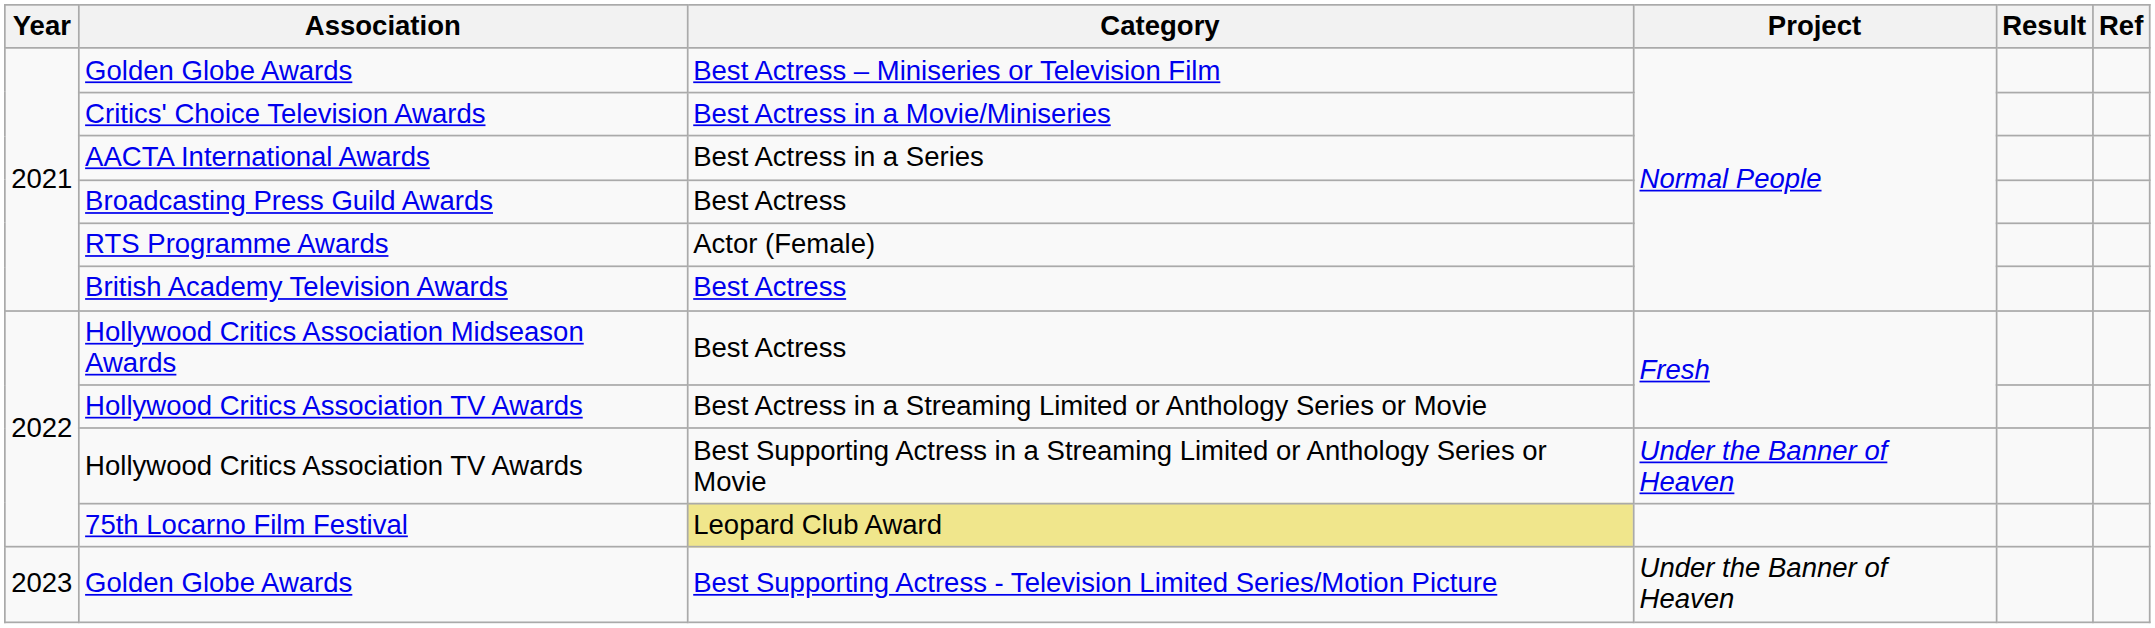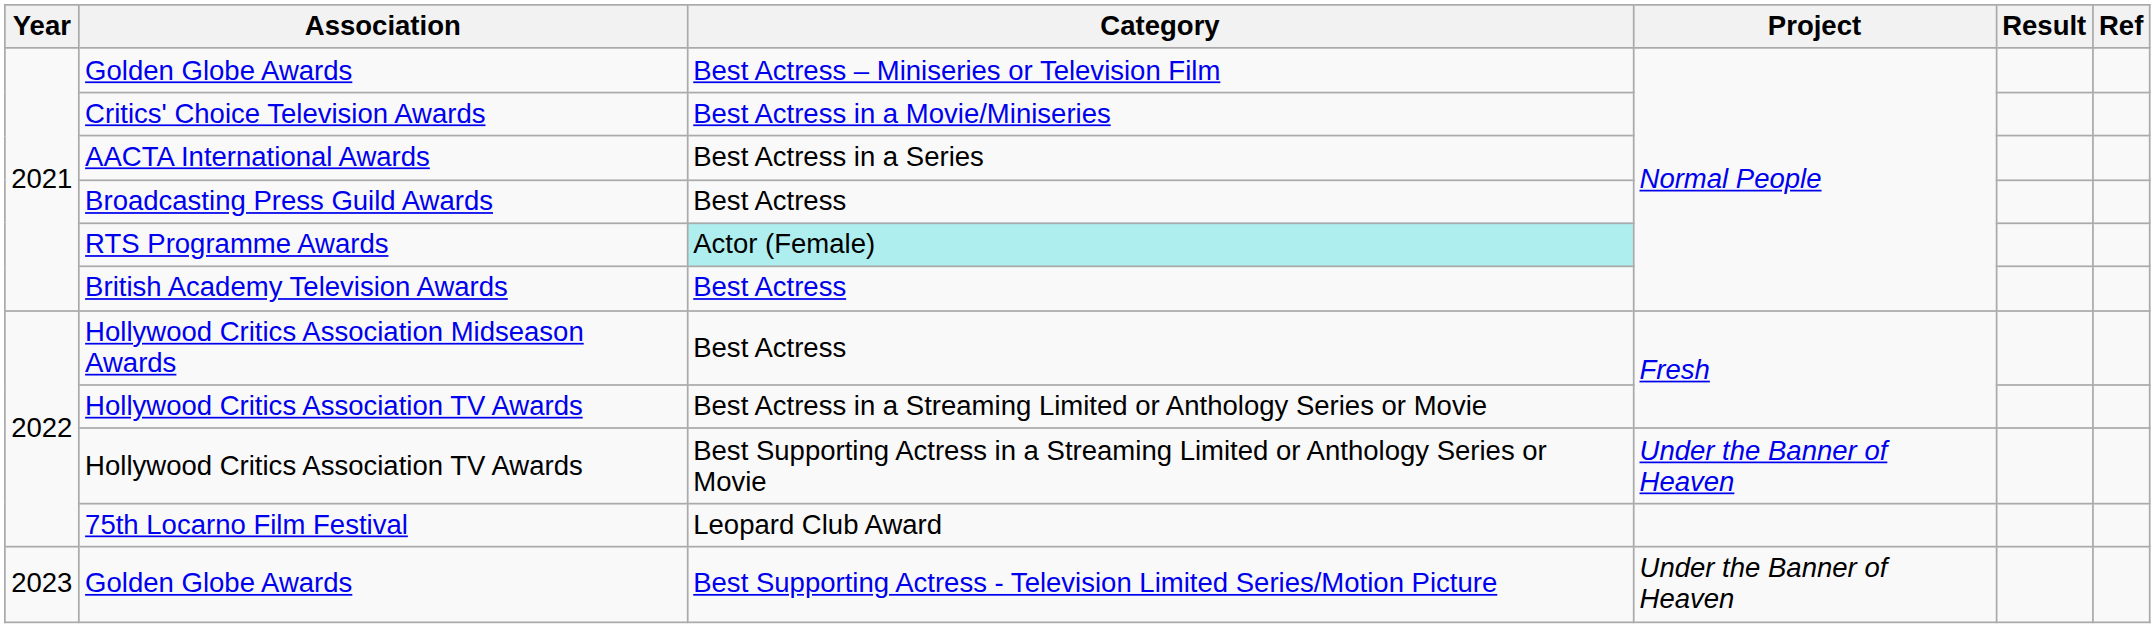 <table class="wikitable sortable">
 <tr>
 <th>Year</th>
 <th>Association</th>
 <th>Category</th>
 <th>Project</th>
 <th>Result</th>
 <th class=unsortable>Ref</th>
 </tr>
 <tr>
 <td rowspan="6", align=center>2021</td>
 <td><a href='#'>Golden Globe Awards</a></td>
 <td><a href='#'>Best Actress – Miniseries or Television Film</a></td>
 <td rowspan="6"><em><a href='#'>Normal People</a></em></td>
 <td></td>
 <td align=center></td>
 </tr>
 <tr>
 <td><a href='#'>Critics' Choice Television Awards</a></td>
 <td><a href='#'>Best Actress in a Movie/Miniseries</a></td>
 <td></td>
 <td align=center></td>
 </tr>
 <tr>
 <td><a href='#'>AACTA International Awards</a></td>
 <td>Best Actress in a Series</td>
 <td></td>
 <td align=center></td>
 </tr>
 <tr>
 <td><a href='#'>Broadcasting Press Guild Awards</a></td>
 <td>Best Actress</td>
 <td></td>
 <td align=center></td>
 </tr>
 <tr>
 <td><a href='#'>RTS Programme Awards</a></td>
-<td>Actor (Female)</td>
+<td style="background: paleturquoise;">Actor (Female)</td>
 <td></td>
 <td align=center></td>
 </tr>
 <tr>
 <td><a href='#'>British Academy Television Awards</a></td>
 <td><a href='#'>Best Actress</a></td>
 <td></td>
 <td align=center></td>
 </tr>
 <tr>
 <td rowspan="4", align=center>2022</td>
 <td><a href='#'>Hollywood Critics Association Midseason Awards</a></td>
 <td>Best Actress</td>
 <td rowspan="2"><em><a href='#'>Fresh</a></em></td>
 <td></td>
 <td align=center></td>
 </tr>
 <tr>
 <td><a href='#'>Hollywood Critics Association TV Awards</a></td>
 <td>Best Actress in a Streaming Limited or Anthology Series or Movie</td>
 <td></td>
 <td align=center></td>
 </tr>
 <tr>
 <td>Hollywood Critics Association TV Awards</td>
 <td>Best Supporting Actress in a Streaming Limited or Anthology Series or Movie</td>
 <td><em><a href='#'>Under the Banner of Heaven</a></em></td>
 <td></td>
 <td align=center></td>
 </tr>
 <tr>
 <td><a href='#'>75th Locarno Film Festival</a></td>
-<td style="background: khaki;">Leopard Club Award</td>
+<td>Leopard Club Award</td>
 <td></td>
 <td></td>
 <td align=center></td>
 </tr>
 <tr>
 <td align=center>2023</td>
 <td><a href='#'>Golden Globe Awards</a></td>
 <td><a href='#'>Best Supporting Actress - Television Limited Series/Motion Picture</a></td>
 <td><em>Under the Banner of Heaven</em></td>
 <td></td>
 <td align=center></td>
 </tr>
 </table>
